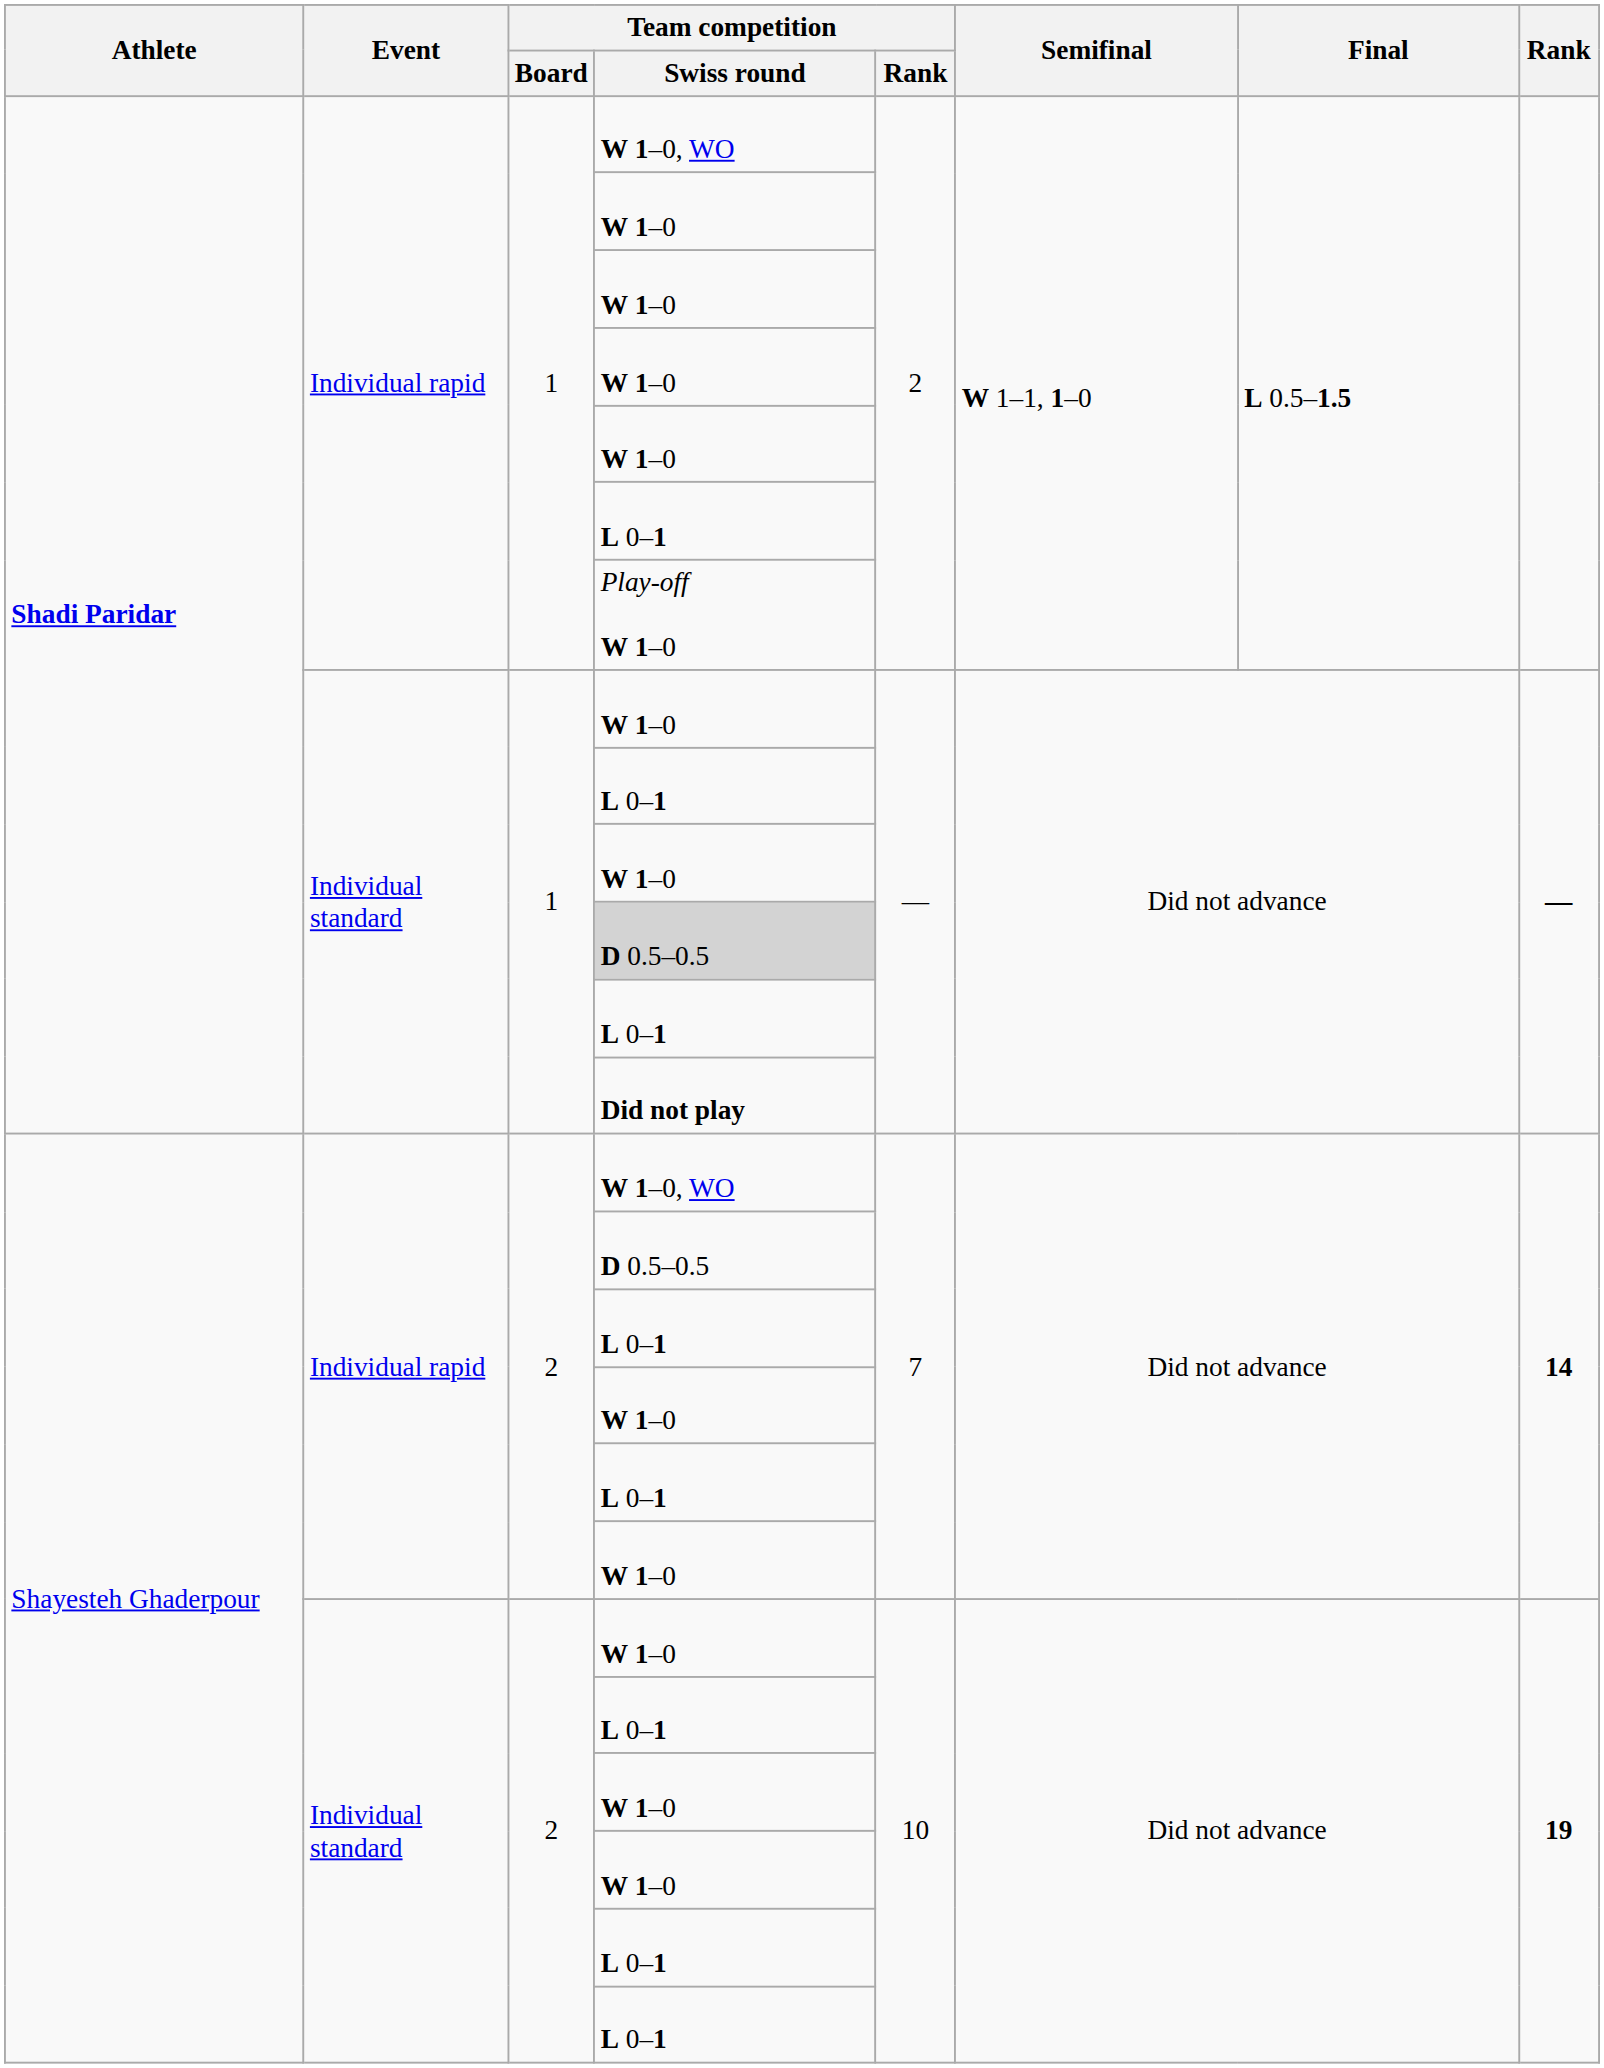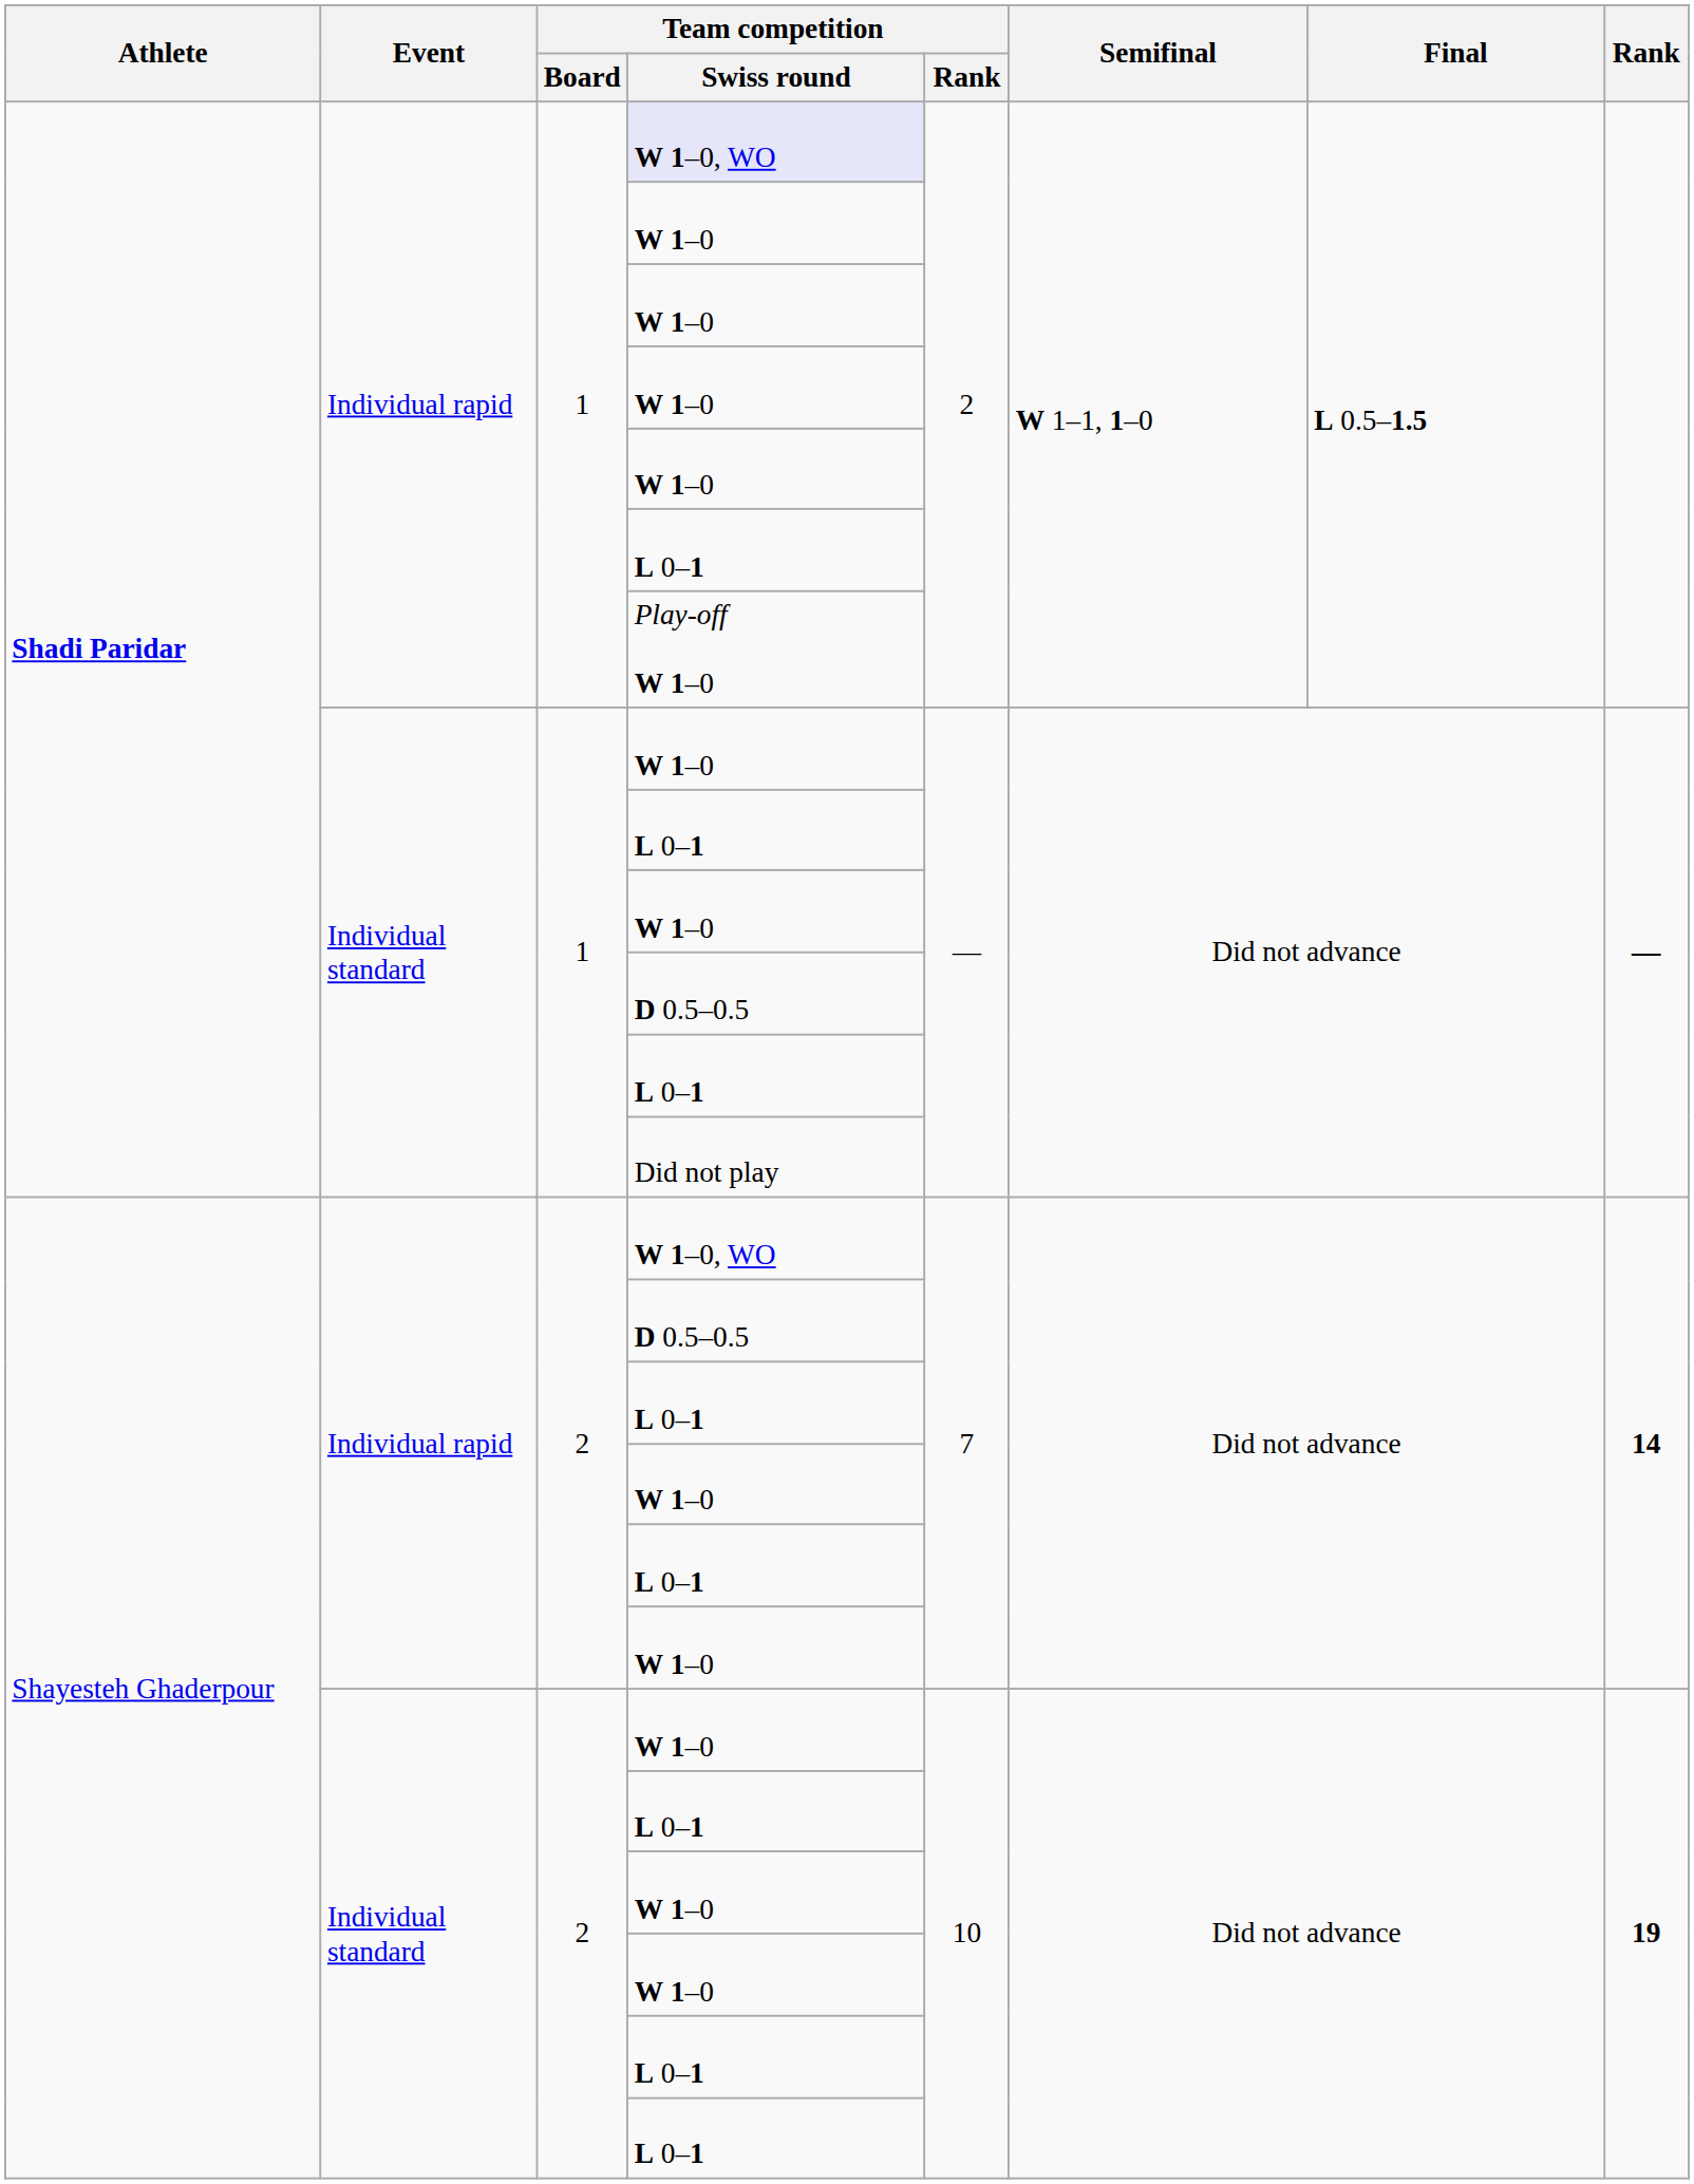 <table class="wikitable" width="95%" style="text-align=left; font-size:90%">
 <tr>
 <th rowspan="2" width="19%">Athlete</th>
 <th rowspan="2" width="13%">Event</th>
 <th colspan="3">Team competition</th>
 <th rowspan="2" width="18%">Semifinal</th>
 <th rowspan="2" width="18%">Final</th>
 <th rowspan="2" width="5%">Rank</th>
 </tr>
 <tr>
 <th width="4%">Board</th>
 <th width="18%">Swiss round</th>
 <th width="5%">Rank</th>
 </tr>
 <tr>
 <td rowspan=13 align="left"><strong><a href='#'>Shadi Paridar</a></strong></td>
 <td rowspan="7" align="left"><a href='#'>Individual rapid</a></td>
 <td rowspan="7" align=center>1</td>
-<td><br><strong>W</strong> <strong>1</strong>–0, <a href='#'>WO</a></td>
+<td style="background: lavender;"><br><strong>W</strong> <strong>1</strong>–0, <a href='#'>WO</a></td>
 <td rowspan=7 align=center>2 <strong></strong></td>
 <td rowspan=7 align="left"><br><strong>W</strong> 1–1, <strong>1</strong>–0</td>
 <td rowspan=7 align="left"><br><strong>L</strong> 0.5–<strong>1.5</strong></td>
 <td rowspan=7 align=center></td>
 </tr>
 <tr>
 <td><br><strong>W</strong> <strong>1</strong>–0</td>
 </tr>
 <tr>
 <td><br><strong>W</strong> <strong>1</strong>–0</td>
 </tr>
 <tr>
 <td><br><strong>W</strong> <strong>1</strong>–0</td>
 </tr>
 <tr>
 <td><br><strong>W</strong> <strong>1</strong>–0</td>
 </tr>
 <tr>
 <td><br><strong>L</strong> 0–<strong>1</strong></td>
 </tr>
 <tr>
 <td><em>Play-off</em><br><br><strong>W</strong> <strong>1</strong>–0</td>
 </tr>
 <tr>
 <td rowspan="6" align="left"><a href='#'>Individual standard</a></td>
 <td rowspan="6" align=center>1</td>
 <td><br><strong>W</strong> <strong>1</strong>–0</td>
 <td rowspan="6" align=center>—</td>
 <td colspan=2 rowspan="6" align=center>Did not advance</td>
 <td rowspan="6" align=center><strong>—</strong></td>
 </tr>
 <tr>
 <td><br><strong>L</strong> 0–<strong>1</strong></td>
 </tr>
 <tr>
 <td><br><strong>W</strong> <strong>1</strong>–0</td>
 </tr>
 <tr>
-<td style="background: lightgrey;"><br><strong>D</strong> 0.5–0.5</td>
+<td><br><strong>D</strong> 0.5–0.5</td>
 </tr>
 <tr>
 <td><br><strong>L</strong> 0–<strong>1</strong></td>
 </tr>
 <tr>
-<td><strong><br>Did not play</strong></td>
+<td><br>Did not play</td>
 </tr>
 <tr>
 <td rowspan=12 align="left"><a href='#'>Shayesteh Ghaderpour</a></td>
 <td rowspan="6" align="left"><a href='#'>Individual rapid</a></td>
 <td rowspan="6" align=center>2</td>
 <td><br><strong>W</strong> <strong>1</strong>–0, <a href='#'>WO</a></td>
 <td rowspan=6 align=center>7</td>
 <td colspan=2 rowspan="6" align=center>Did not advance</td>
 <td rowspan=6 align=center><strong>14</strong></td>
 </tr>
 <tr>
 <td><br><strong>D</strong> 0.5–0.5</td>
 </tr>
 <tr>
 <td><br><strong>L</strong> 0–<strong>1</strong></td>
 </tr>
 <tr>
 <td><br><strong>W</strong> <strong>1</strong>–0</td>
 </tr>
 <tr>
 <td><br><strong>L</strong> 0–<strong>1</strong></td>
 </tr>
 <tr>
 <td><br><strong>W</strong> <strong>1</strong>–0</td>
 </tr>
 <tr>
 <td rowspan="6" align="left"><a href='#'>Individual standard</a></td>
 <td rowspan="6" align=center>2</td>
 <td><br><strong>W</strong> <strong>1</strong>–0</td>
 <td rowspan="6" align=center>10</td>
 <td colspan=2 rowspan="6" align=center>Did not advance</td>
 <td rowspan="6" align=center><strong>19</strong></td>
 </tr>
 <tr>
 <td><br><strong>L</strong> 0–<strong>1</strong></td>
 </tr>
 <tr>
 <td><br><strong>W</strong> <strong>1</strong>–0</td>
 </tr>
 <tr>
 <td><br><strong>W</strong> <strong>1</strong>–0</td>
 </tr>
 <tr>
 <td><br><strong>L</strong> 0–<strong>1</strong></td>
 </tr>
 <tr>
 <td><br><strong>L</strong> 0–<strong>1</strong></td>
 </tr>
 </table>
